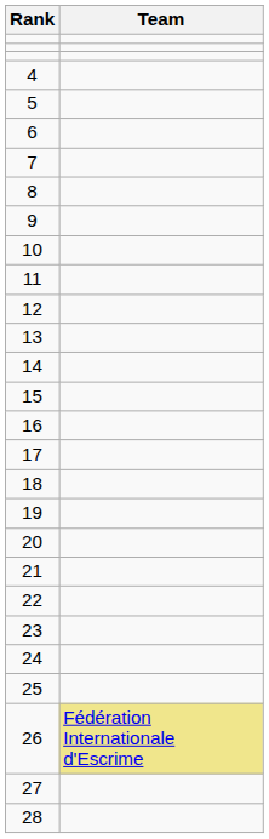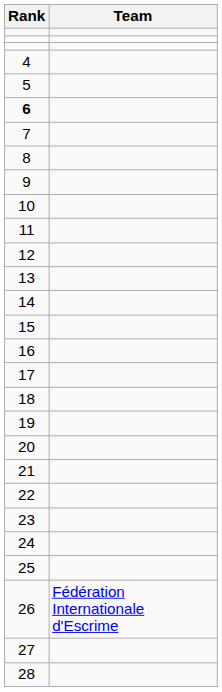 <table class="wikitable">
 <tr>
 <th>Rank</th>
 <th width=170>Team</th>
 </tr>
 <tr>
 <td align=center></td>
 <td></td>
 </tr>
 <tr>
 <td align=center></td>
 <td></td>
 </tr>
 <tr>
 <td align=center></td>
 <td></td>
 </tr>
 <tr>
 <td align=center>4</td>
 <td></td>
 </tr>
 <tr>
 <td align=center>5</td>
 <td></td>
 </tr>
 <tr>
-<td align=center>6</td>
+<td align=center><strong>6</strong></td>
 <td></td>
 </tr>
 <tr>
 <td align=center>7</td>
 <td></td>
 </tr>
 <tr>
 <td align=center>8</td>
 <td></td>
 </tr>
 <tr>
 <td align=center>9</td>
 <td></td>
 </tr>
 <tr>
 <td align=center>10</td>
 <td></td>
 </tr>
 <tr>
 <td align=center>11</td>
 <td></td>
 </tr>
 <tr>
 <td align=center>12</td>
 <td></td>
 </tr>
 <tr>
 <td align=center>13</td>
 <td></td>
 </tr>
 <tr>
 <td align=center>14</td>
 <td></td>
 </tr>
 <tr>
 <td align=center>15</td>
 <td></td>
 </tr>
 <tr>
 <td align=center>16</td>
 <td></td>
 </tr>
 <tr>
 <td align=center>17</td>
 <td></td>
 </tr>
 <tr>
 <td align=center>18</td>
 <td></td>
 </tr>
 <tr>
 <td align=center>19</td>
 <td></td>
 </tr>
 <tr>
 <td align=center>20</td>
 <td></td>
 </tr>
 <tr>
 <td align=center>21</td>
 <td></td>
 </tr>
 <tr>
 <td align=center>22</td>
 <td></td>
 </tr>
 <tr>
 <td align=center>23</td>
 <td></td>
 </tr>
 <tr>
 <td align=center>24</td>
 <td></td>
 </tr>
 <tr>
 <td align=center>25</td>
 <td></td>
 </tr>
 <tr>
 <td align=center>26</td>
-<td style="background: khaki;"><a href='#'>Fédération Internationale d'Escrime</a></td>
+<td><a href='#'>Fédération Internationale d'Escrime</a></td>
 </tr>
 <tr>
 <td align=center>27</td>
 <td></td>
 </tr>
 <tr>
 <td align=center>28</td>
 <td></td>
 </tr>
 </table>
